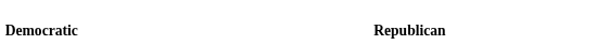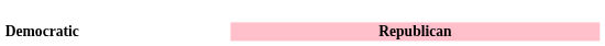 <table style="width:50em; text-align:center">
 <tr style="color:white">
 <td style="background:"><strong>222</strong></td>
 <td style="background:"><strong>213</strong></td>
 </tr>
 <tr>
 <td style="color:"><strong>Democratic</strong></td>
-<td style="color:"><strong>Republican</strong></td>
+<td style="background: pink; color:"><strong>Republican</strong></td>
 </tr>
 </table>
